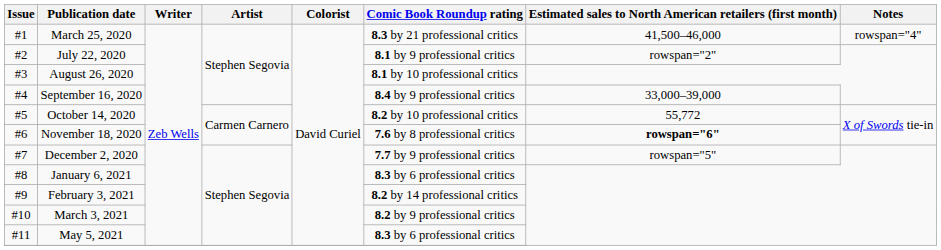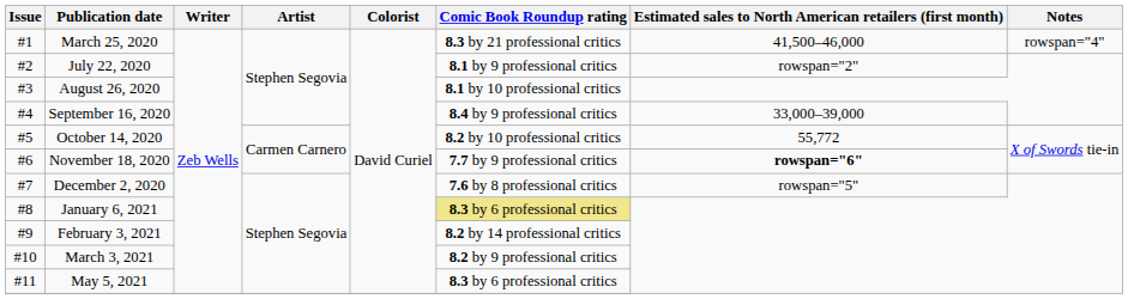 <table class="wikitable plainrowheaders" style="text-align:center;">
 <tr>
 <th scope="col">Issue</th>
 <th scope="col">Publication date</th>
 <th scope="col">Writer</th>
 <th scope="col">Artist</th>
 <th scope="col">Colorist</th>
 <th scope="col"><a href='#'>Comic Book Roundup</a> rating</th>
 <th scope="col">Estimated sales to North American retailers (first month)</th>
 <th scope="col">Notes</th>
 </tr>
 <tr>
 <td>#1</td>
 <td>March 25, 2020</td>
 <td rowspan="11"><a href='#'>Zeb Wells</a></td>
 <td rowspan="4">Stephen Segovia</td>
 <td rowspan="11">David Curiel</td>
 <td><strong>8.3</strong> by 21 professional critics</td>
 <td>41,500–46,000</td>
 <td>rowspan="4" </td>
 </tr>
 <tr>
 <td>#2</td>
 <td>July 22, 2020</td>
 <td><strong>8.1</strong> by 9 professional critics</td>
 <td>rowspan="2" </td>
 </tr>
 <tr>
 <td>#3</td>
 <td>August 26, 2020</td>
 <td><strong>8.1</strong> by 10 professional critics</td>
 </tr>
 <tr>
 <td>#4</td>
 <td>September 16, 2020</td>
 <td><strong>8.4</strong> by 9 professional critics</td>
 <td>33,000–39,000</td>
 </tr>
 <tr>
 <td>#5</td>
 <td>October 14, 2020</td>
 <td rowspan="2">Carmen Carnero</td>
 <td><strong>8.2</strong> by 10 professional critics</td>
 <td>55,772</td>
 <td rowspan="2"><em><a href='#'>X of Swords</a></em> tie-in</td>
 </tr>
 <tr>
 <td>#6</td>
 <td>November 18, 2020</td>
-<td><strong>7.6</strong> by 8 professional critics</td>
+<td><strong>7.7</strong> by 9 professional critics</td>
 <td><strong>rowspan="6" </strong></td>
 </tr>
 <tr>
 <td>#7</td>
 <td>December 2, 2020</td>
 <td rowspan="5">Stephen Segovia</td>
-<td><strong>7.7</strong> by 9 professional critics</td>
+<td><strong>7.6</strong> by 8 professional critics</td>
 <td>rowspan="5" </td>
 </tr>
 <tr>
 <td>#8</td>
 <td>January 6, 2021</td>
-<td><strong>8.3</strong> by 6 professional critics</td>
+<td style="background: khaki;"><strong>8.3</strong> by 6 professional critics</td>
 </tr>
 <tr>
 <td>#9</td>
 <td>February 3, 2021</td>
 <td><strong>8.2</strong> by 14 professional critics</td>
 </tr>
 <tr>
 <td>#10</td>
 <td>March 3, 2021</td>
 <td><strong>8.2</strong> by 9 professional critics</td>
 </tr>
 <tr>
 <td>#11</td>
 <td>May 5, 2021</td>
 <td><strong>8.3</strong> by 6 professional critics</td>
 </tr>
 <tr>
 </tr>
 </table>
